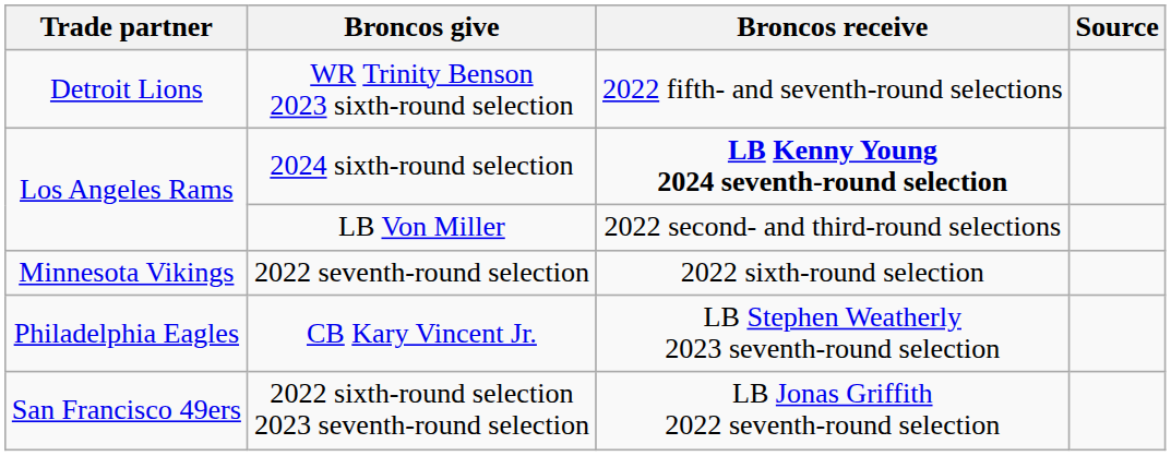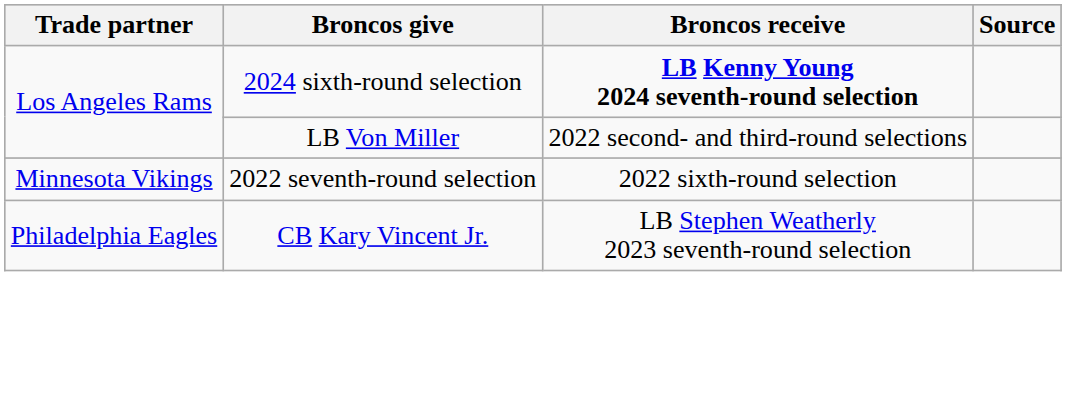 <table class="wikitable" style="text-align:center">
 <tr>
 <th>Trade partner</th>
 <th>Broncos give</th>
 <th>Broncos receive</th>
 <th>Source</th>
-</tr>
-<tr>
-<td><a href='#'>Detroit Lions</a></td>
-<td><a href='#'>WR</a> <a href='#'>Trinity Benson</a><br><a href='#'>2023</a> sixth-round selection</td>
-<td><a href='#'>2022</a> fifth- and seventh-round selections</td>
-<td></td>
 </tr>
 <tr>
 <td rowspan=2><a href='#'>Los Angeles Rams</a></td>
 <td><a href='#'>2024</a> sixth-round selection</td>
 <td><strong><a href='#'>LB</a> <a href='#'>Kenny Young</a><br>2024 seventh-round selection</strong></td>
 <td></td>
 </tr>
 <tr>
 <td>LB <a href='#'>Von Miller</a></td>
 <td>2022 second- and third-round selections</td>
 <td></td>
 </tr>
 <tr>
 <td><a href='#'>Minnesota Vikings</a></td>
 <td>2022 seventh-round selection</td>
 <td>2022 sixth-round selection</td>
 <td></td>
 </tr>
 <tr>
 <td><a href='#'>Philadelphia Eagles</a></td>
 <td><a href='#'>CB</a> <a href='#'>Kary Vincent Jr.</a></td>
 <td>LB <a href='#'>Stephen Weatherly</a><br>2023 seventh-round selection</td>
 <td></td>
 </tr>
-<tr>
-<td><a href='#'>San Francisco 49ers</a></td>
-<td>2022 sixth-round selection<br>2023 seventh-round selection</td>
-<td>LB <a href='#'>Jonas Griffith</a><br>2022 seventh-round selection</td>
-<td></td>
-</tr>
 </table>
